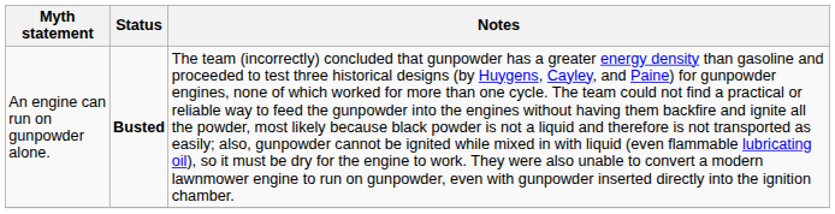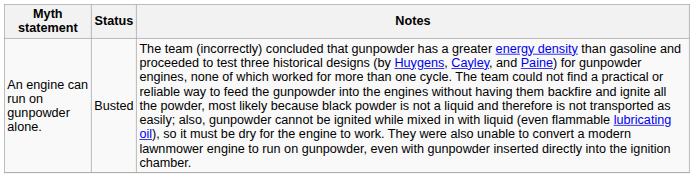 <table class="wikitable plainrowheaders">
 <tr>
 <th>Myth statement</th>
 <th>Status</th>
 <th>Notes</th>
 </tr>
 <tr>
 <td>An engine can run on gunpowder alone.</td>
-<td><strong><span>Busted</span></strong></td>
+<td><span>Busted</span></td>
 <td>The team (incorrectly) concluded that gunpowder has a greater <a href='#'>energy density</a> than gasoline and proceeded to test three historical designs (by <a href='#'>Huygens</a>, <a href='#'>Cayley</a>, and <a href='#'>Paine</a>) for gunpowder engines, none of which worked for more than one cycle. The team could not find a practical or reliable way to feed the gunpowder into the engines without having them backfire and ignite all the powder, most likely because black powder is not a liquid and therefore is not transported as easily; also, gunpowder cannot be ignited while mixed in with liquid (even flammable <a href='#'>lubricating oil</a>), so it must be dry for the engine to work. They were also unable to convert a modern lawnmower engine to run on gunpowder, even with gunpowder inserted directly into the ignition chamber.</td>
 </tr>
 <tr>
 </tr>
 </table>
